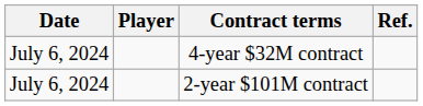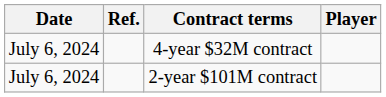 <table class="wikitable sortable sortable" style="text-align: center">
 <tr>
 <th>Date</th>
+<th>Ref.</th>
+<th>Contract terms</th>
 <th>Player</th>
-<th>Contract terms</th>
-<th>Ref.</th>
 </tr>
 <tr>
 <td>July 6, 2024</td>
+<td align="center"></td>
+<td>4-year $32M contract</td>
 <td></td>
-<td>4-year $32M contract</td>
-<td align="center"></td>
 </tr>
 <tr>
 <td>July 6, 2024</td>
+<td align="center"></td>
+<td>2-year $101M contract</td>
 <td></td>
-<td>2-year $101M contract</td>
-<td align="center"></td>
 </tr>
 </table>
